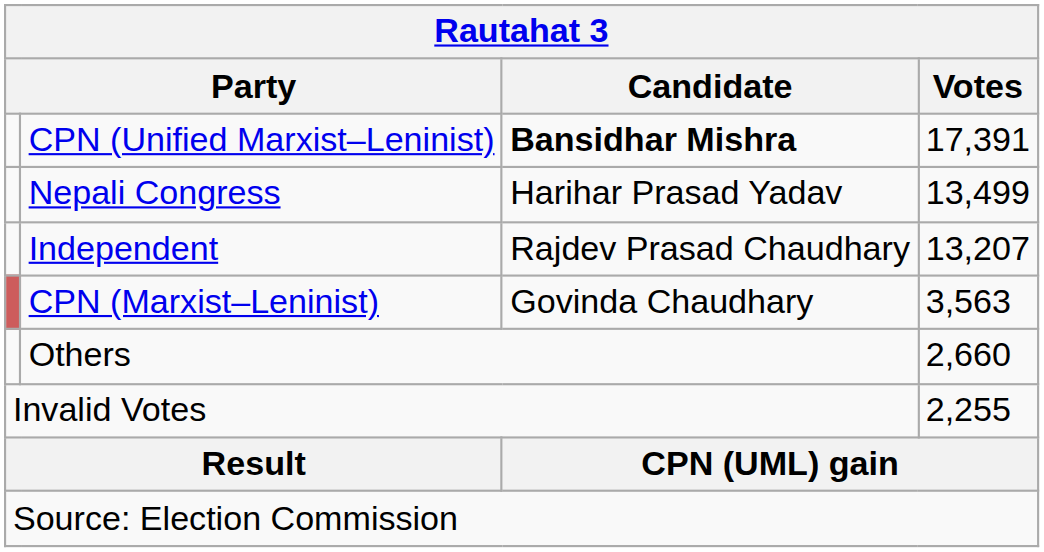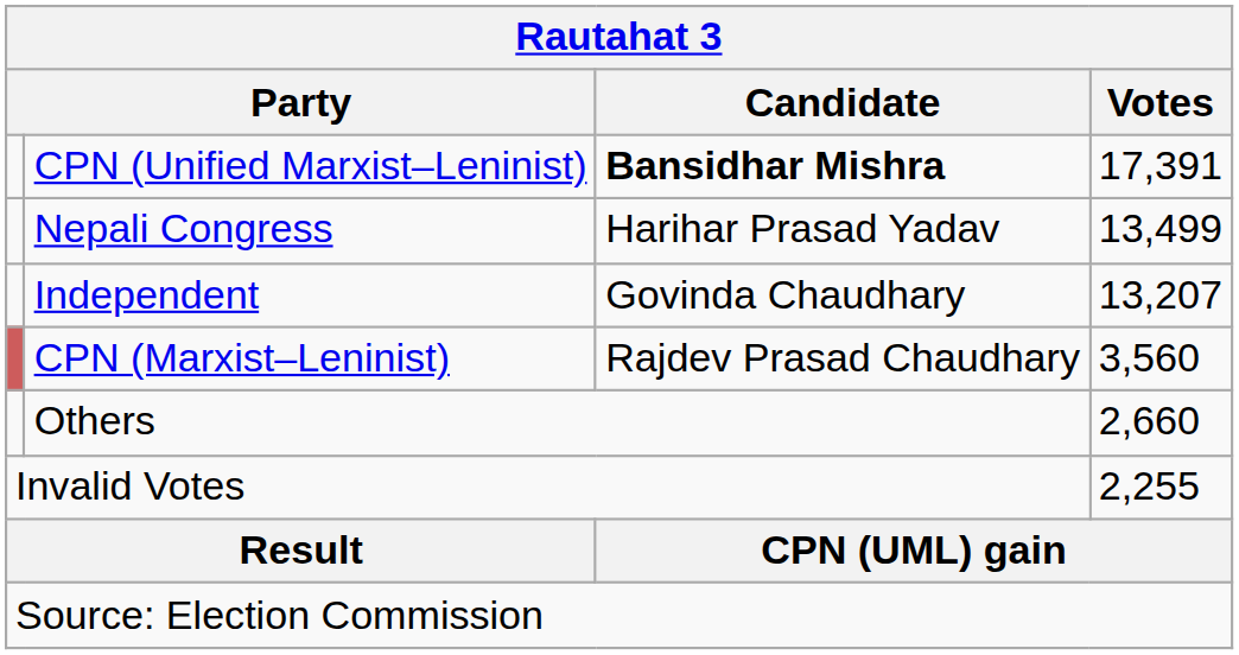 <table class="wikitable">
 <tr>
 <th colspan="4"><a href='#'>Rautahat 3</a></th>
 </tr>
 <tr>
 <th colspan="2">Party</th>
 <th>Candidate</th>
 <th>Votes</th>
 </tr>
 <tr>
 <td style="background-color:"></td>
 <td><a href='#'>CPN (Unified Marxist–Leninist)</a></td>
 <td><strong>Bansidhar Mishra</strong></td>
 <td>17,391</td>
 </tr>
 <tr>
 <td style="background-color:"></td>
 <td><a href='#'>Nepali Congress</a></td>
 <td>Harihar Prasad Yadav</td>
 <td>13,499</td>
 </tr>
 <tr>
 <td style="background-color:"></td>
 <td><a href='#'>Independent</a></td>
-<td>Rajdev Prasad Chaudhary</td>
+<td>Govinda Chaudhary</td>
 <td>13,207</td>
 </tr>
 <tr>
 <td style="background-color:indianred"></td>
 <td><a href='#'>CPN (Marxist–Leninist)</a></td>
-<td>Govinda Chaudhary</td>
-<td>3,563</td>
+<td>Rajdev Prasad Chaudhary</td>
+<td>3,560</td>
 </tr>
 <tr>
 <td></td>
 <td colspan="2">Others</td>
 <td>2,660</td>
 </tr>
 <tr>
 <td colspan="3">Invalid Votes</td>
 <td>2,255</td>
 </tr>
 <tr>
 <th colspan="2">Result</th>
 <th colspan="2">CPN (UML) gain</th>
 </tr>
 <tr>
 <td colspan="4">Source: Election Commission</td>
 </tr>
 </table>
